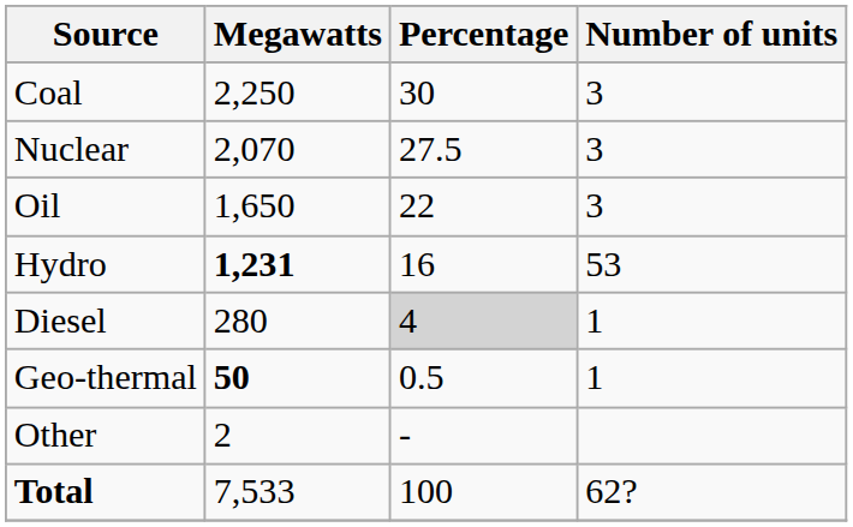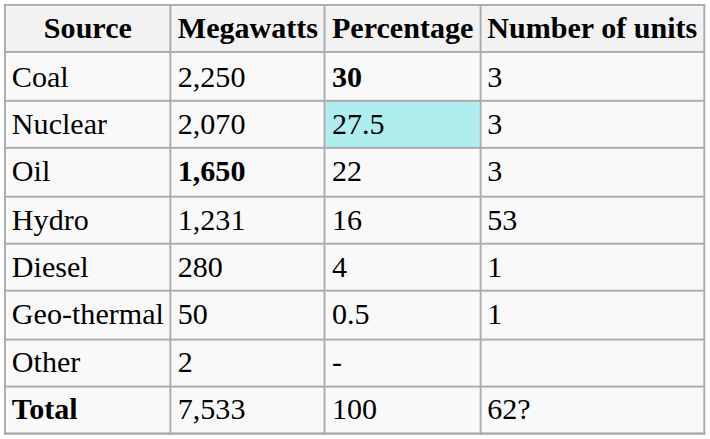 <table class="wikitable sortable">
 <tr>
 <th>Source</th>
 <th>Megawatts</th>
 <th>Percentage</th>
 <th>Number of units</th>
 </tr>
 <tr>
 <td>Coal</td>
 <td>2,250</td>
-<td>30</td>
+<td><strong>30</strong></td>
 <td>3</td>
 </tr>
 <tr>
 <td>Nuclear</td>
 <td>2,070</td>
-<td>27.5</td>
+<td style="background: paleturquoise;">27.5</td>
 <td>3</td>
 </tr>
 <tr>
 <td>Oil</td>
-<td>1,650</td>
+<td><strong>1,650</strong></td>
 <td>22</td>
 <td>3</td>
 </tr>
 <tr>
 <td>Hydro</td>
-<td><strong>1,231</strong></td>
+<td>1,231</td>
 <td>16</td>
 <td>53</td>
 </tr>
 <tr>
 <td>Diesel</td>
 <td>280</td>
-<td style="background: lightgrey;">4</td>
+<td>4</td>
 <td>1</td>
 </tr>
 <tr>
 <td>Geo-thermal</td>
-<td><strong>50</strong></td>
+<td>50</td>
 <td>0.5</td>
 <td>1</td>
 </tr>
 <tr>
 <td>Other</td>
 <td>2</td>
 <td>-</td>
 <td></td>
 </tr>
 <tr>
 <td><strong>Total</strong></td>
 <td>7,533</td>
 <td>100</td>
 <td>62?</td>
 </tr>
 <tr>
 </tr>
 </table>
